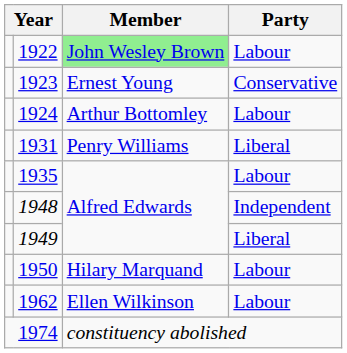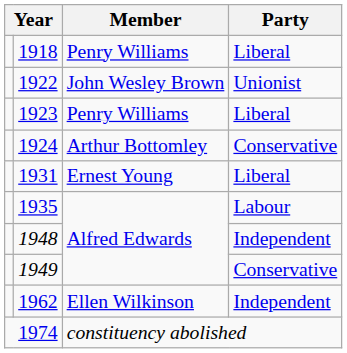 <table class="wikitable">
 <tr>
 <th colspan="2">Year</th>
 <th>Member</th>
 <th>Party</th>
 </tr>
 <tr>
 <td style="color:inherit;background-color: "></td>
+<td><a href='#'>1918</a></td>
+<td><a href='#'>Penry Williams</a></td>
+<td><a href='#'>Liberal</a></td>
+</tr>
+<tr>
+<td style="color:inherit;background-color: "></td>
 <td><a href='#'>1922</a></td>
-<td style="background: lightgreen;"><a href='#'>John Wesley Brown</a></td>
-<td><a href='#'>Labour</a></td>
+<td><a href='#'>John Wesley Brown</a></td>
+<td><a href='#'>Unionist</a></td>
 </tr>
 <tr>
 <td style="color:inherit;background-color: "></td>
 <td><a href='#'>1923</a></td>
-<td><a href='#'>Ernest Young</a></td>
-<td><a href='#'>Conservative</a></td>
+<td><a href='#'>Penry Williams</a></td>
+<td><a href='#'>Liberal</a></td>
 </tr>
 <tr>
 <td style="color:inherit;background-color: "></td>
 <td><a href='#'>1924</a></td>
 <td><a href='#'>Arthur Bottomley</a></td>
-<td><a href='#'>Labour</a></td>
+<td><a href='#'>Conservative</a></td>
 </tr>
 <tr>
 <td style="color:inherit;background-color: "></td>
 <td><a href='#'>1931</a></td>
-<td><a href='#'>Penry Williams</a></td>
+<td><a href='#'>Ernest Young</a></td>
 <td><a href='#'>Liberal</a></td>
 </tr>
 <tr>
 <td style="color:inherit;background-color: "></td>
 <td><a href='#'>1935</a></td>
 <td rowspan="3"><a href='#'>Alfred Edwards</a></td>
 <td><a href='#'>Labour</a></td>
 </tr>
 <tr>
 <td style="color:inherit;background-color: "></td>
 <td><em>1948</em></td>
 <td><a href='#'>Independent</a></td>
 </tr>
 <tr>
 <td style="color:inherit;background-color: "></td>
 <td><em>1949</em></td>
-<td><a href='#'>Liberal</a></td>
-</tr>
-<tr>
-<td style="color:inherit;background-color: "></td>
-<td><a href='#'>1950</a></td>
-<td><a href='#'>Hilary Marquand</a></td>
-<td><a href='#'>Labour</a></td>
+<td><a href='#'>Conservative</a></td>
 </tr>
 <tr>
 <td style="color:inherit;background-color: "></td>
 <td><a href='#'>1962</a></td>
 <td><a href='#'>Ellen Wilkinson</a></td>
-<td><a href='#'>Labour</a></td>
+<td><a href='#'>Independent</a></td>
 </tr>
 <tr>
 <td colspan="2" style="text-align:right;"><a href='#'>1974</a></td>
 <td colspan="2"><em>constituency abolished</em></td>
 </tr>
 </table>
